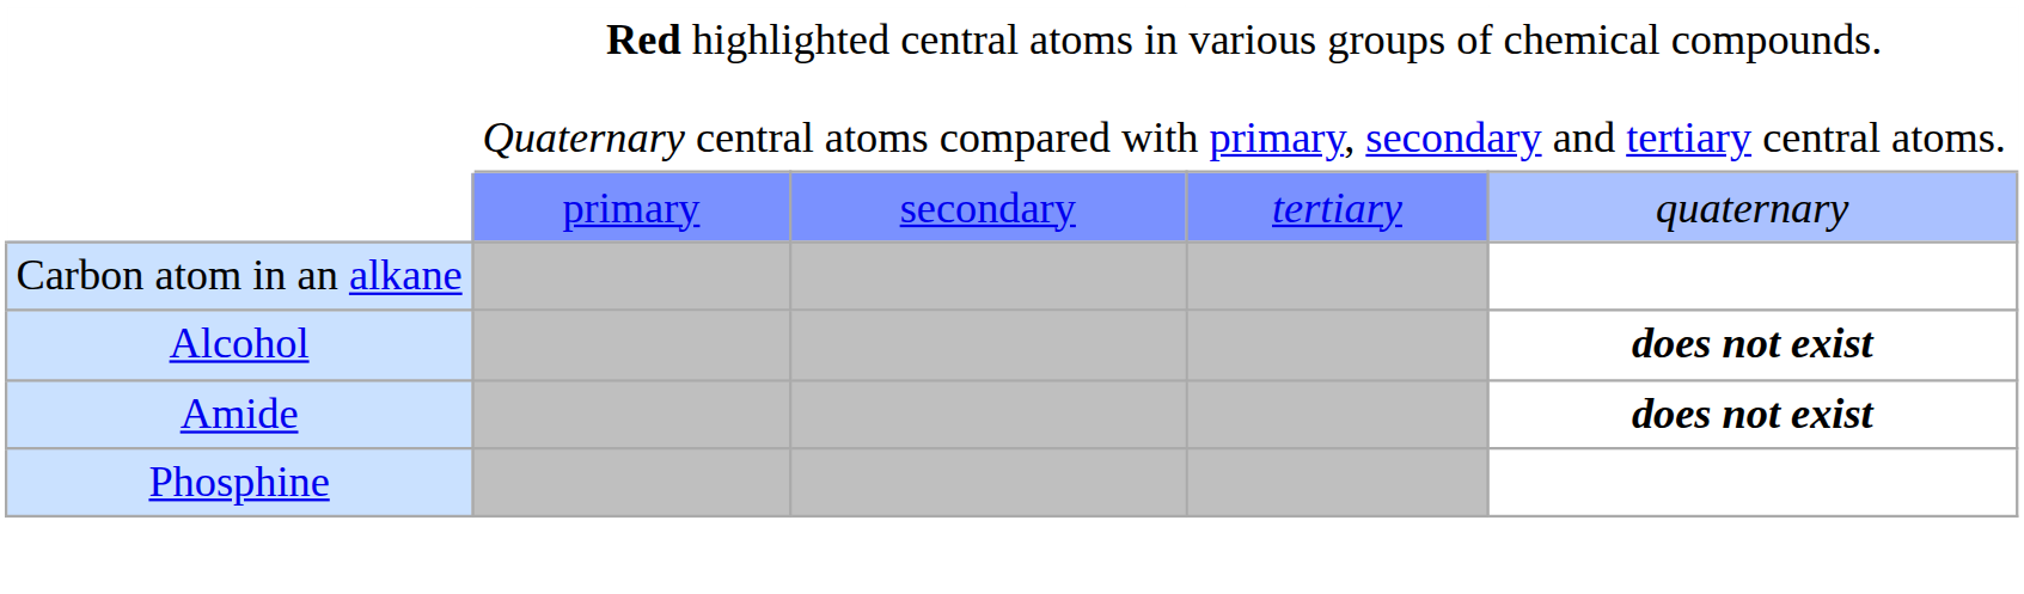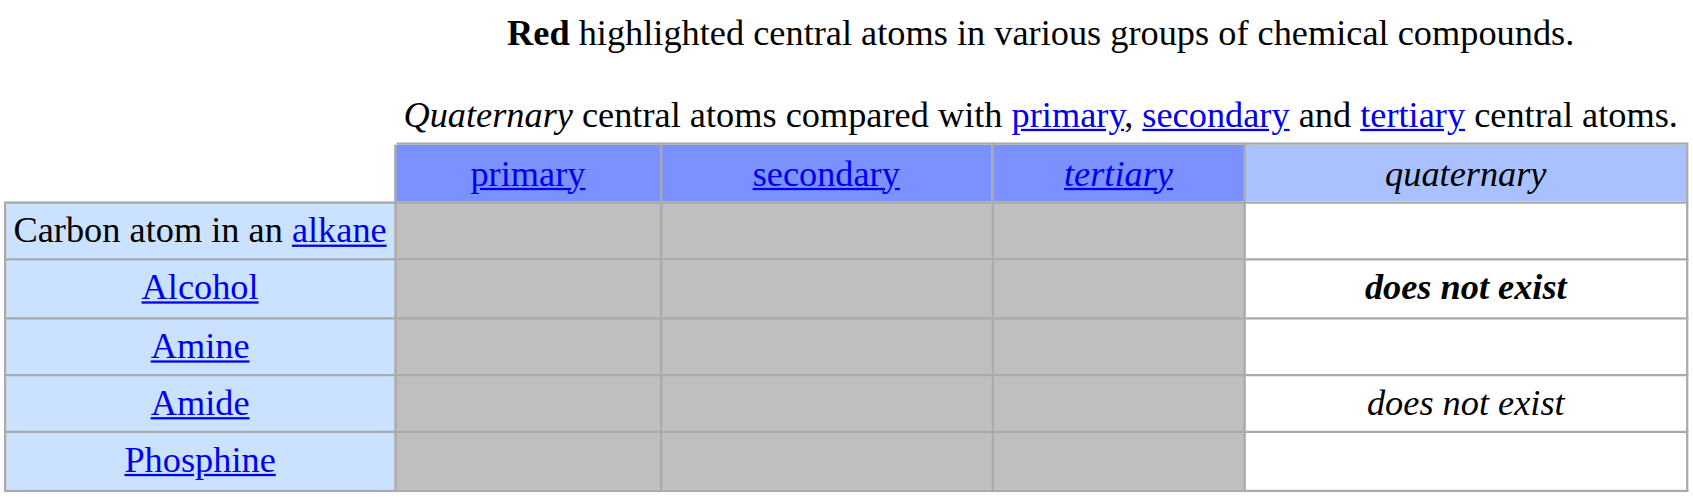 <table class="wikitable"  style="text-align:center" |>
 <tr>
 <td style="border-color:white; background-color:white"></td>
 <td colspan="4" style="border-top-color:white; border-left-color:white; border-right-color:white; background-color:white"><span><strong>Red</strong></span> highlighted central atoms in various groups of chemical compounds.<br><br><em>Quaternary</em> central atoms compared with <a href='#'>primary</a>, <a href='#'>secondary</a> and <a href='#'>tertiary</a> central atoms.</td>
 </tr>
 <tr>
 <td style="border-left-color:white; bordar-top-color:white; background-color:white"></td>
 <td style="background-color:#7A91FF"><a href='#'>primary</a></td>
 <td style="background-color:#7A91FF"><a href='#'>secondary</a></td>
 <td style="background-color:#7A91FF"><a href='#'><em>tertiary</em></a></td>
 <td style="background-color:#AAC1FF"><em>quaternary</em></td>
 </tr>
 <tr>
 <td style="background-color:#CAE1FF">Carbon atom in an <a href='#'>alkane</a></td>
 <td style="background-color:#BFBFBF"></td>
 <td style="background-color:#BFBFBF"></td>
 <td style="background-color:#BFBFBF"></td>
 <td style="background-color:#FFFFFF"></td>
 </tr>
 <tr>
 <td style="background-color:#CAE1FF"><a href='#'>Alcohol</a></td>
 <td style="background-color:#BFBFBF"></td>
 <td style="background-color:#BFBFBF"></td>
 <td style="background-color:#BFBFBF"></td>
 <td style="background-color:#FFFFFF"><strong><em>does not exist</em></strong></td>
 </tr>
 <tr>
+<td style="background-color:#CAE1FF"><a href='#'>Amine</a></td>
+<td style="background-color:#BFBFBF"></td>
+<td style="background-color:#BFBFBF"></td>
+<td style="background-color:#BFBFBF"></td>
+<td style="background-color:#FFFFFF"></td>
+</tr>
+<tr>
 <td style="background-color:#CAE1FF"><a href='#'>Amide</a></td>
 <td style="background-color:#BFBFBF"></td>
 <td style="background-color:#BFBFBF"></td>
 <td style="background-color:#BFBFBF"></td>
-<td style="background-color:#FFFFFF"><strong><em>does not exist</em></strong></td>
+<td style="background-color:#FFFFFF"><em>does not exist</em></td>
 </tr>
 <tr>
 <td style="background-color:#CAE1FF"><a href='#'>Phosphine</a></td>
 <td style="background-color:#BFBFBF"></td>
 <td style="background-color:#BFBFBF"></td>
 <td style="background-color:#BFBFBF"></td>
 <td style="background-color:#FFFFFF"></td>
 </tr>
 </table>
